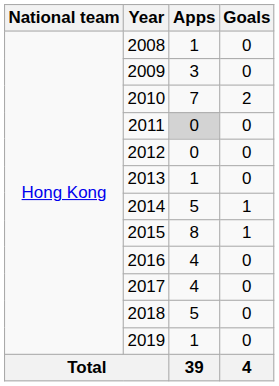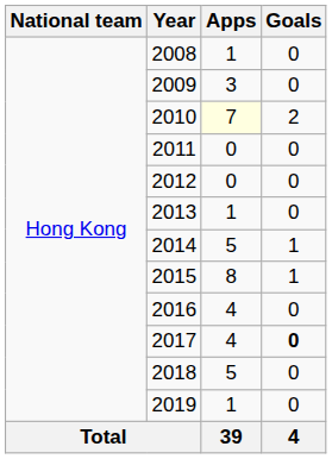 <table class="wikitable" style="text-align: center;">
 <tr>
 <th>National team</th>
 <th>Year</th>
 <th>Apps</th>
 <th>Goals</th>
 </tr>
 <tr>
 <td rowspan="12" valign="center"><a href='#'>Hong Kong</a></td>
 <td>2008</td>
 <td>1</td>
 <td>0</td>
 </tr>
 <tr>
 <td>2009</td>
 <td>3</td>
 <td>0</td>
 </tr>
 <tr>
 <td>2010</td>
-<td>7</td>
+<td style="background: lightyellow;">7</td>
 <td>2</td>
 </tr>
 <tr>
 <td>2011</td>
-<td style="background: lightgrey;">0</td>
+<td>0</td>
 <td>0</td>
 </tr>
 <tr>
 <td>2012</td>
 <td>0</td>
 <td>0</td>
 </tr>
 <tr>
 <td>2013</td>
 <td>1</td>
 <td>0</td>
 </tr>
 <tr>
 <td>2014</td>
 <td>5</td>
 <td>1</td>
 </tr>
 <tr>
 <td>2015</td>
 <td>8</td>
 <td>1</td>
 </tr>
 <tr>
 <td>2016</td>
 <td>4</td>
 <td>0</td>
 </tr>
 <tr>
 <td>2017</td>
 <td>4</td>
-<td>0</td>
+<td><strong>0</strong></td>
 </tr>
 <tr>
 <td>2018</td>
 <td>5</td>
 <td>0</td>
 </tr>
 <tr>
 <td>2019</td>
 <td>1</td>
 <td>0</td>
 </tr>
 <tr>
 <th colspan="2">Total</th>
 <th>39</th>
 <th>4</th>
 </tr>
 </table>
